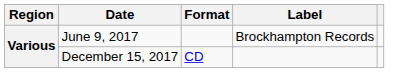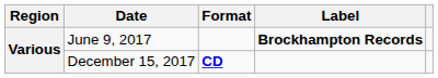 <table class="wikitable plainrowheaders">
 <tr>
 <th scope="col">Region</th>
 <th scope="col">Date</th>
 <th scope="col">Format</th>
 <th scope="col">Label</th>
 <th scope="col"></th>
 </tr>
 <tr>
 <th rowspan="2" scope="row">Various</th>
 <td>June 9, 2017</td>
 <td></td>
-<td>Brockhampton Records</td>
+<td><strong>Brockhampton Records</strong></td>
 <td align="center"></td>
 </tr>
 <tr>
 <td>December 15, 2017</td>
-<td><a href='#'>CD</a></td>
+<td><strong><a href='#'>CD</a></strong></td>
 <td></td>
 <td align="center"></td>
 </tr>
 </table>
